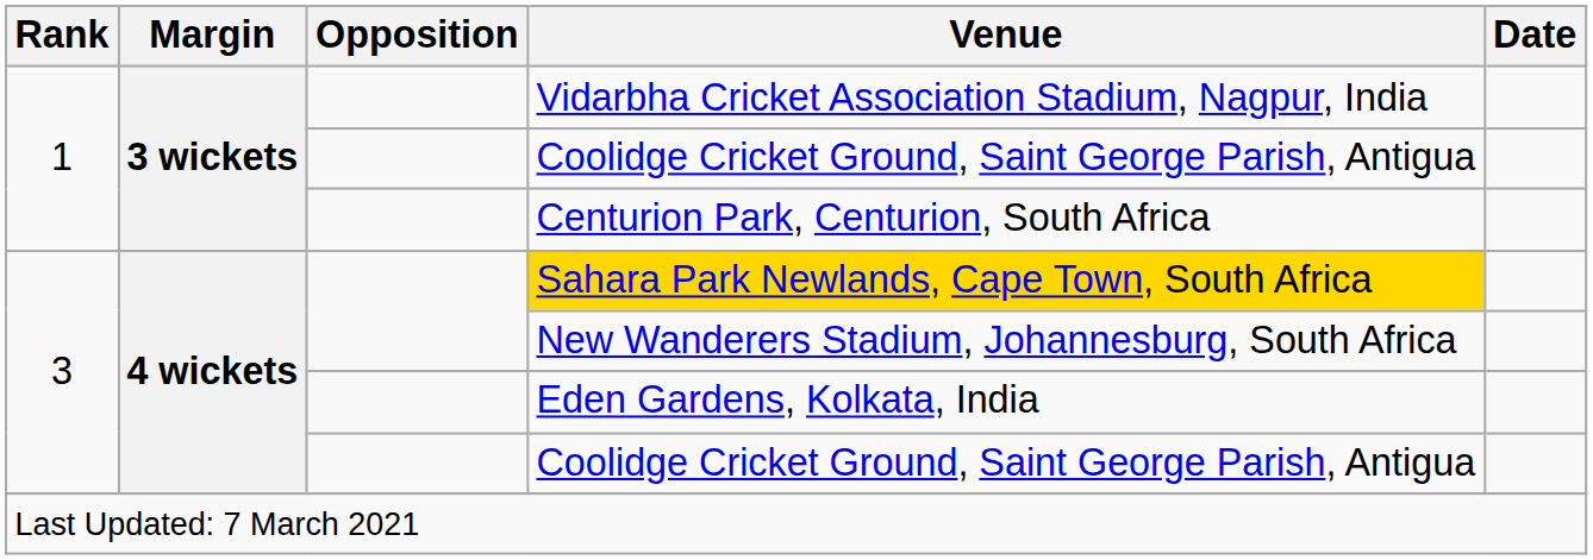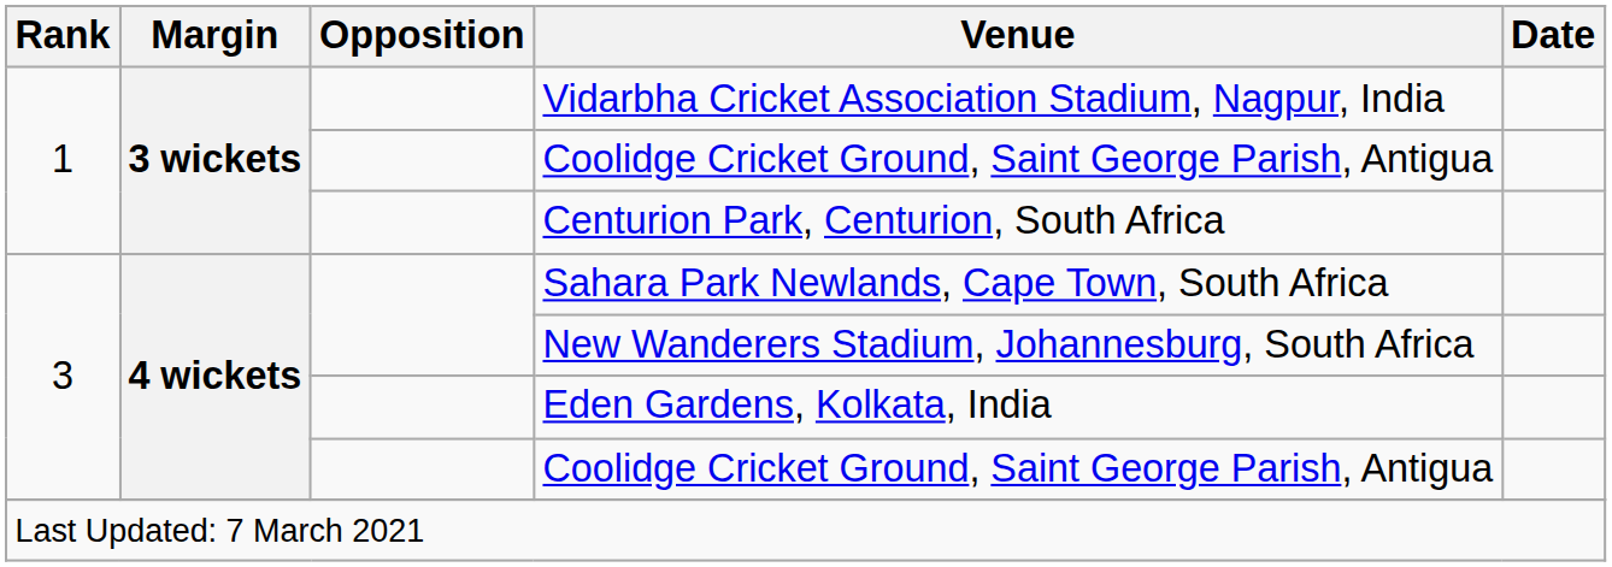 <table class="wikitable plainrowheaders sortable">
 <tr>
 <th scope=col>Rank</th>
 <th scope=col>Margin</th>
 <th scope=col>Opposition</th>
 <th scope=col>Venue</th>
 <th scope=col>Date</th>
 </tr>
 <tr>
 <td align=center rowspan=3>1</td>
 <th scope=row style=text-align:center rowspan=3>3 wickets</th>
 <td></td>
 <td><a href='#'>Vidarbha Cricket Association Stadium</a>, <a href='#'>Nagpur</a>, India</td>
 <td> </td>
 </tr>
 <tr>
 <td></td>
 <td><a href='#'>Coolidge Cricket Ground</a>, <a href='#'>Saint George Parish</a>, Antigua</td>
 <td></td>
 </tr>
 <tr>
 <td></td>
 <td><a href='#'>Centurion Park</a>, <a href='#'>Centurion</a>, South Africa</td>
 <td></td>
 </tr>
 <tr>
 <td align=center rowspan=4>3</td>
 <th scope=row style=text-align:center rowspan=4>4 wickets</th>
 <td rowspan=2></td>
-<td style="background: gold;"><a href='#'>Sahara Park Newlands</a>, <a href='#'>Cape Town</a>, South Africa</td>
+<td><a href='#'>Sahara Park Newlands</a>, <a href='#'>Cape Town</a>, South Africa</td>
 <td> </td>
 </tr>
 <tr>
 <td><a href='#'>New Wanderers Stadium</a>, <a href='#'>Johannesburg</a>, South Africa</td>
 <td></td>
 </tr>
 <tr>
 <td></td>
 <td><a href='#'>Eden Gardens</a>, <a href='#'>Kolkata</a>, India</td>
 <td> </td>
 </tr>
 <tr>
 <td></td>
 <td><a href='#'>Coolidge Cricket Ground</a>, <a href='#'>Saint George Parish</a>, Antigua</td>
 <td></td>
 </tr>
 <tr>
 </tr>
 <tr class=sortbottom>
 <td colspan=6><small>Last Updated: 7 March 2021</small></td>
 </tr>
 </table>
